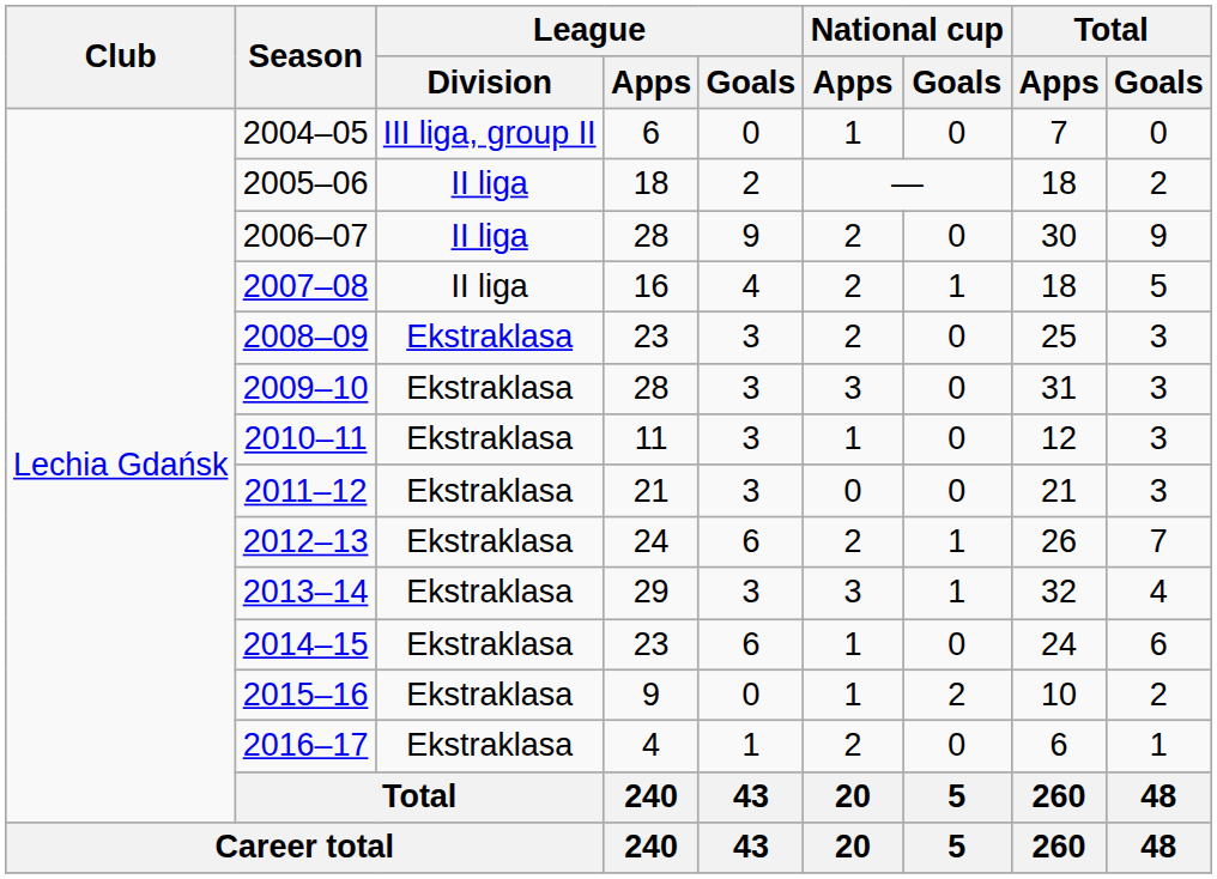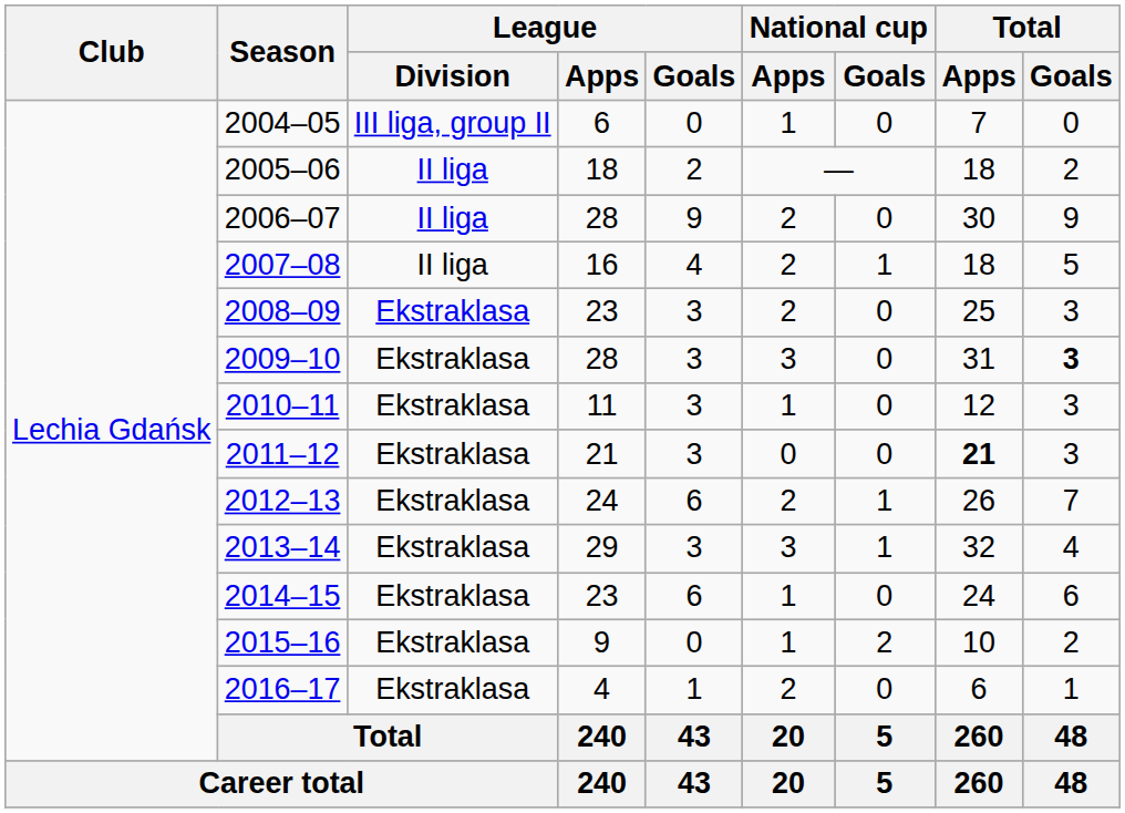 <table class=wikitable style=text-align:center>
 <tr>
 <th rowspan=2>Club</th>
 <th rowspan=2>Season</th>
 <th colspan=3>League</th>
 <th colspan=2>National cup</th>
 <th colspan=2>Total</th>
 </tr>
 <tr>
 <th>Division</th>
 <th>Apps</th>
 <th>Goals</th>
 <th>Apps</th>
 <th>Goals</th>
 <th>Apps</th>
 <th>Goals</th>
 </tr>
 <tr>
 <td rowspan=14><a href='#'>Lechia Gdańsk</a></td>
 <td>2004–05</td>
 <td><a href='#'>III liga, group II</a></td>
 <td>6</td>
 <td>0</td>
 <td>1</td>
 <td>0</td>
 <td>7</td>
 <td>0</td>
 </tr>
 <tr>
 <td>2005–06</td>
 <td><a href='#'>II liga</a></td>
 <td>18</td>
 <td>2</td>
 <td colspan=2>—</td>
 <td>18</td>
 <td>2</td>
 </tr>
 <tr>
 <td>2006–07</td>
 <td><a href='#'>II liga</a></td>
 <td>28</td>
 <td>9</td>
 <td>2</td>
 <td>0</td>
 <td>30</td>
 <td>9</td>
 </tr>
 <tr>
 <td><a href='#'>2007–08</a></td>
 <td>II liga</td>
 <td>16</td>
 <td>4</td>
 <td>2</td>
 <td>1</td>
 <td>18</td>
 <td>5</td>
 </tr>
 <tr>
 <td><a href='#'>2008–09</a></td>
 <td><a href='#'>Ekstraklasa</a></td>
 <td>23</td>
 <td>3</td>
 <td>2</td>
 <td>0</td>
 <td>25</td>
 <td>3</td>
 </tr>
 <tr>
 <td><a href='#'>2009–10</a></td>
 <td>Ekstraklasa</td>
 <td>28</td>
 <td>3</td>
 <td>3</td>
 <td>0</td>
 <td>31</td>
-<td>3</td>
+<td><strong>3</strong></td>
 </tr>
 <tr>
 <td><a href='#'>2010–11</a></td>
 <td>Ekstraklasa</td>
 <td>11</td>
 <td>3</td>
 <td>1</td>
 <td>0</td>
 <td>12</td>
 <td>3</td>
 </tr>
 <tr>
 <td><a href='#'>2011–12</a></td>
 <td>Ekstraklasa</td>
 <td>21</td>
 <td>3</td>
 <td>0</td>
 <td>0</td>
-<td>21</td>
+<td><strong>21</strong></td>
 <td>3</td>
 </tr>
 <tr>
 <td><a href='#'>2012–13</a></td>
 <td>Ekstraklasa</td>
 <td>24</td>
 <td>6</td>
 <td>2</td>
 <td>1</td>
 <td>26</td>
 <td>7</td>
 </tr>
 <tr>
 <td><a href='#'>2013–14</a></td>
 <td>Ekstraklasa</td>
 <td>29</td>
 <td>3</td>
 <td>3</td>
 <td>1</td>
 <td>32</td>
 <td>4</td>
 </tr>
 <tr>
 <td><a href='#'>2014–15</a></td>
 <td>Ekstraklasa</td>
 <td>23</td>
 <td>6</td>
 <td>1</td>
 <td>0</td>
 <td>24</td>
 <td>6</td>
 </tr>
 <tr>
 <td><a href='#'>2015–16</a></td>
 <td>Ekstraklasa</td>
 <td>9</td>
 <td>0</td>
 <td>1</td>
 <td>2</td>
 <td>10</td>
 <td>2</td>
 </tr>
 <tr>
 <td><a href='#'>2016–17</a></td>
 <td>Ekstraklasa</td>
 <td>4</td>
 <td>1</td>
 <td>2</td>
 <td>0</td>
 <td>6</td>
 <td>1</td>
 </tr>
 <tr>
 <th colspan=2>Total</th>
 <th>240</th>
 <th>43</th>
 <th>20</th>
 <th>5</th>
 <th>260</th>
 <th>48</th>
 </tr>
 <tr>
 <th colspan="3">Career total</th>
 <th>240</th>
 <th>43</th>
 <th>20</th>
 <th>5</th>
 <th>260</th>
 <th>48</th>
 </tr>
 </table>
